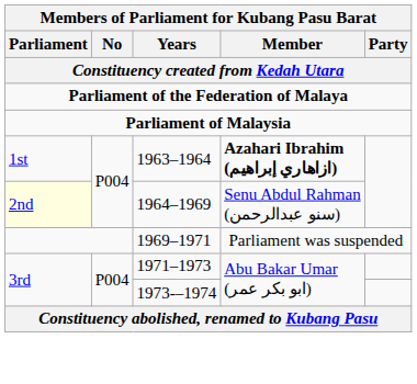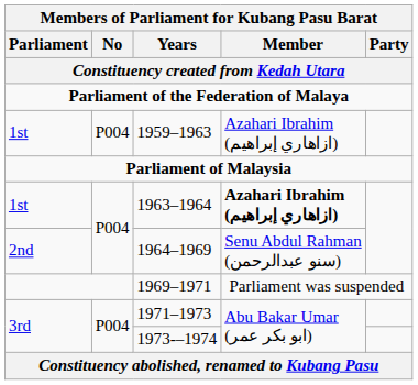 <table class=wikitable>
 <tr>
 <th colspan="5">Members of Parliament for Kubang Pasu Barat</th>
 </tr>
 <tr>
 <th>Parliament</th>
 <th>No</th>
 <th>Years</th>
 <th>Member</th>
 <th>Party</th>
 </tr>
 <tr>
 <th colspan="5" align="center"><em>Constituency created from <a href='#'>Kedah Utara</a></em></th>
 </tr>
 <tr>
 <td colspan="5" align="center"><strong>Parliament of the Federation of Malaya</strong></td>
 </tr>
 <tr>
+<td><a href='#'>1st</a></td>
+<td>P004</td>
+<td>1959–1963</td>
+<td><a href='#'>Azahari Ibrahim</a>  <br> (ازاهاري إبراهيم)</td>
+<td></td>
+</tr>
+<tr>
 <td colspan="5" align="center"><strong>Parliament of Malaysia</strong></td>
 </tr>
 <tr>
 <td><a href='#'>1st</a></td>
 <td rowspan="2">P004</td>
 <td>1963–1964</td>
 <td><strong>Azahari Ibrahim <br>  (ازاهاري إبراهيم)</strong></td>
 <td rowspan=2></td>
 </tr>
 <tr>
-<td style="background: lightyellow;"><a href='#'>2nd</a></td>
+<td><a href='#'>2nd</a></td>
 <td>1964–1969</td>
 <td><a href='#'>Senu Abdul Rahman</a>  <br> (سنو عبدالرحمن)</td>
 </tr>
 <tr>
 <td colspan="2"></td>
 <td>1969–1971</td>
 <td colspan="2" align="center">Parliament was suspended</td>
 </tr>
 <tr>
 <td rowspan=2><a href='#'>3rd</a></td>
 <td rowspan="2">P004</td>
 <td>1971–1973</td>
 <td rowspan="2"><a href='#'>Abu Bakar Umar</a> <br>  (ابو بكر عمر)</td>
 <td></td>
 </tr>
 <tr>
 <td>1973-–1974</td>
 <td></td>
 </tr>
 <tr>
 <th colspan="5" align="center"><em>Constituency abolished, renamed to <a href='#'>Kubang Pasu</a></em></th>
 </tr>
 </table>
